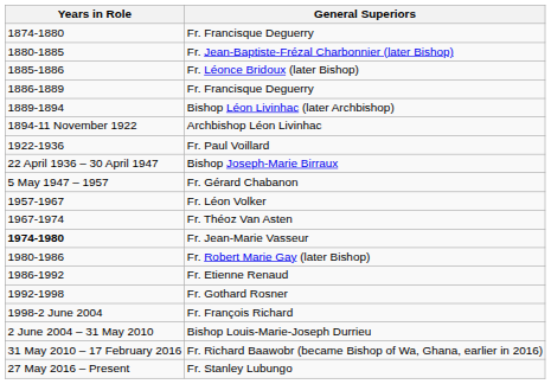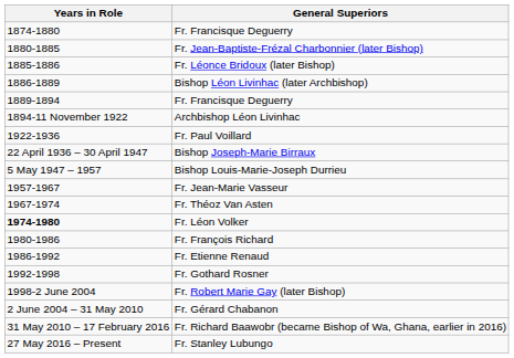 <table class="wikitable">
 <tr>
 <th>Years in Role</th>
 <th>General Superiors</th>
 </tr>
 <tr>
 <td>1874-1880</td>
 <td>Fr. Francisque Deguerry</td>
 </tr>
 <tr>
 <td>1880-1885</td>
 <td>Fr. <a href='#'>Jean-Baptiste-Frézal Charbonnier (later Bishop)</a></td>
 </tr>
 <tr>
 <td>1885-1886</td>
 <td>Fr. <a href='#'>Léonce Bridoux</a> (later Bishop)</td>
 </tr>
 <tr>
 <td>1886-1889</td>
-<td>Fr. Francisque Deguerry</td>
+<td>Bishop <a href='#'>Léon Livinhac</a> (later Archbishop)</td>
 </tr>
 <tr>
 <td>1889-1894</td>
-<td>Bishop <a href='#'>Léon Livinhac</a> (later Archbishop)</td>
+<td>Fr. Francisque Deguerry</td>
 </tr>
 <tr>
 <td>1894-11 November 1922</td>
 <td>Archbishop Léon Livinhac</td>
 </tr>
 <tr>
 <td>1922-1936</td>
 <td>Fr. Paul Voillard</td>
 </tr>
 <tr>
 <td>22 April 1936 – 30 April 1947</td>
 <td>Bishop <a href='#'>Joseph-Marie Birraux</a></td>
 </tr>
 <tr>
 <td>5 May 1947 – 1957</td>
-<td>Fr. Gérard Chabanon</td>
+<td>Bishop Louis-Marie-Joseph Durrieu</td>
 </tr>
 <tr>
 <td>1957-1967</td>
-<td>Fr. Léon Volker</td>
+<td>Fr. Jean-Marie Vasseur</td>
 </tr>
 <tr>
 <td>1967-1974</td>
 <td>Fr. Théoz Van Asten</td>
 </tr>
 <tr>
 <td><strong>1974-1980</strong></td>
-<td>Fr. Jean-Marie Vasseur</td>
+<td>Fr. Léon Volker</td>
 </tr>
 <tr>
 <td>1980-1986</td>
-<td>Fr. <a href='#'>Robert Marie Gay</a> (later Bishop)</td>
+<td>Fr. François Richard</td>
 </tr>
 <tr>
 <td>1986-1992</td>
 <td>Fr. Etienne Renaud</td>
 </tr>
 <tr>
 <td>1992-1998</td>
 <td>Fr. Gothard Rosner</td>
 </tr>
 <tr>
 <td>1998-2 June 2004</td>
-<td>Fr. François Richard</td>
+<td>Fr. <a href='#'>Robert Marie Gay</a> (later Bishop)</td>
 </tr>
 <tr>
 <td>2 June 2004 – 31 May 2010</td>
-<td>Bishop Louis-Marie-Joseph Durrieu</td>
+<td>Fr. Gérard Chabanon</td>
 </tr>
 <tr>
 <td>31 May 2010 – 17 February 2016</td>
 <td>Fr. Richard Baawobr (became Bishop of Wa, Ghana, earlier in 2016)</td>
 </tr>
 <tr>
 <td>27 May 2016 – Present</td>
 <td>Fr. Stanley Lubungo</td>
 </tr>
 </table>
